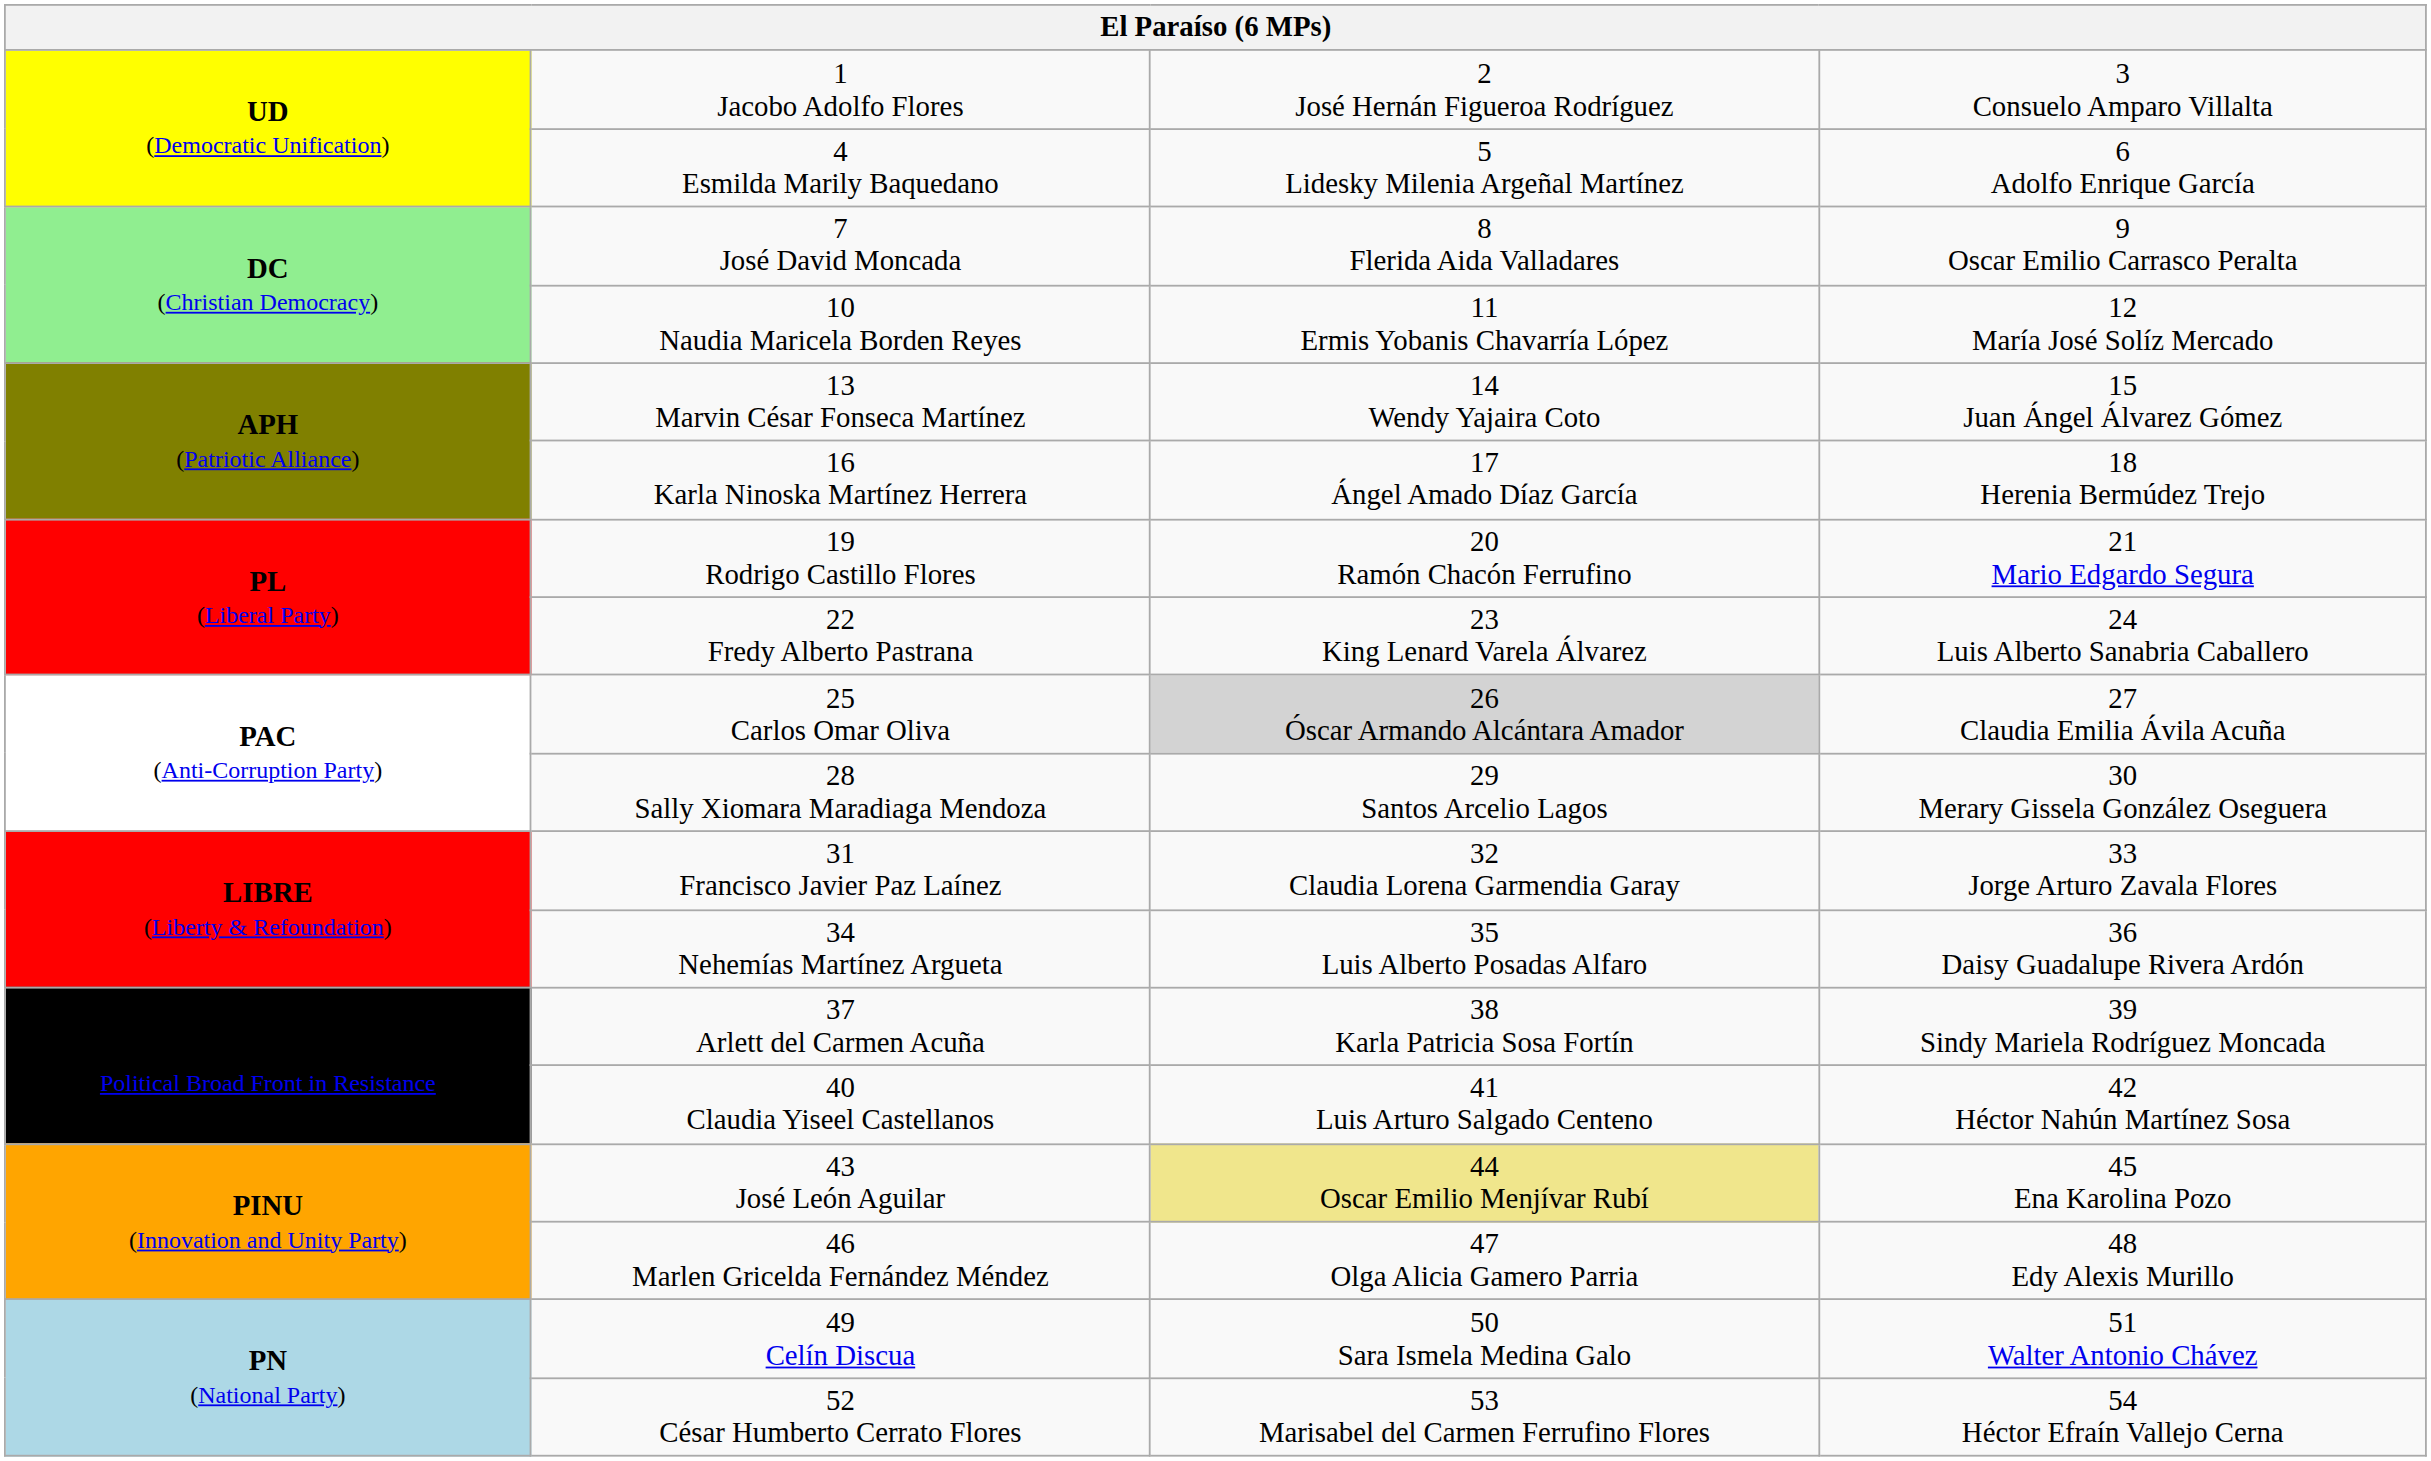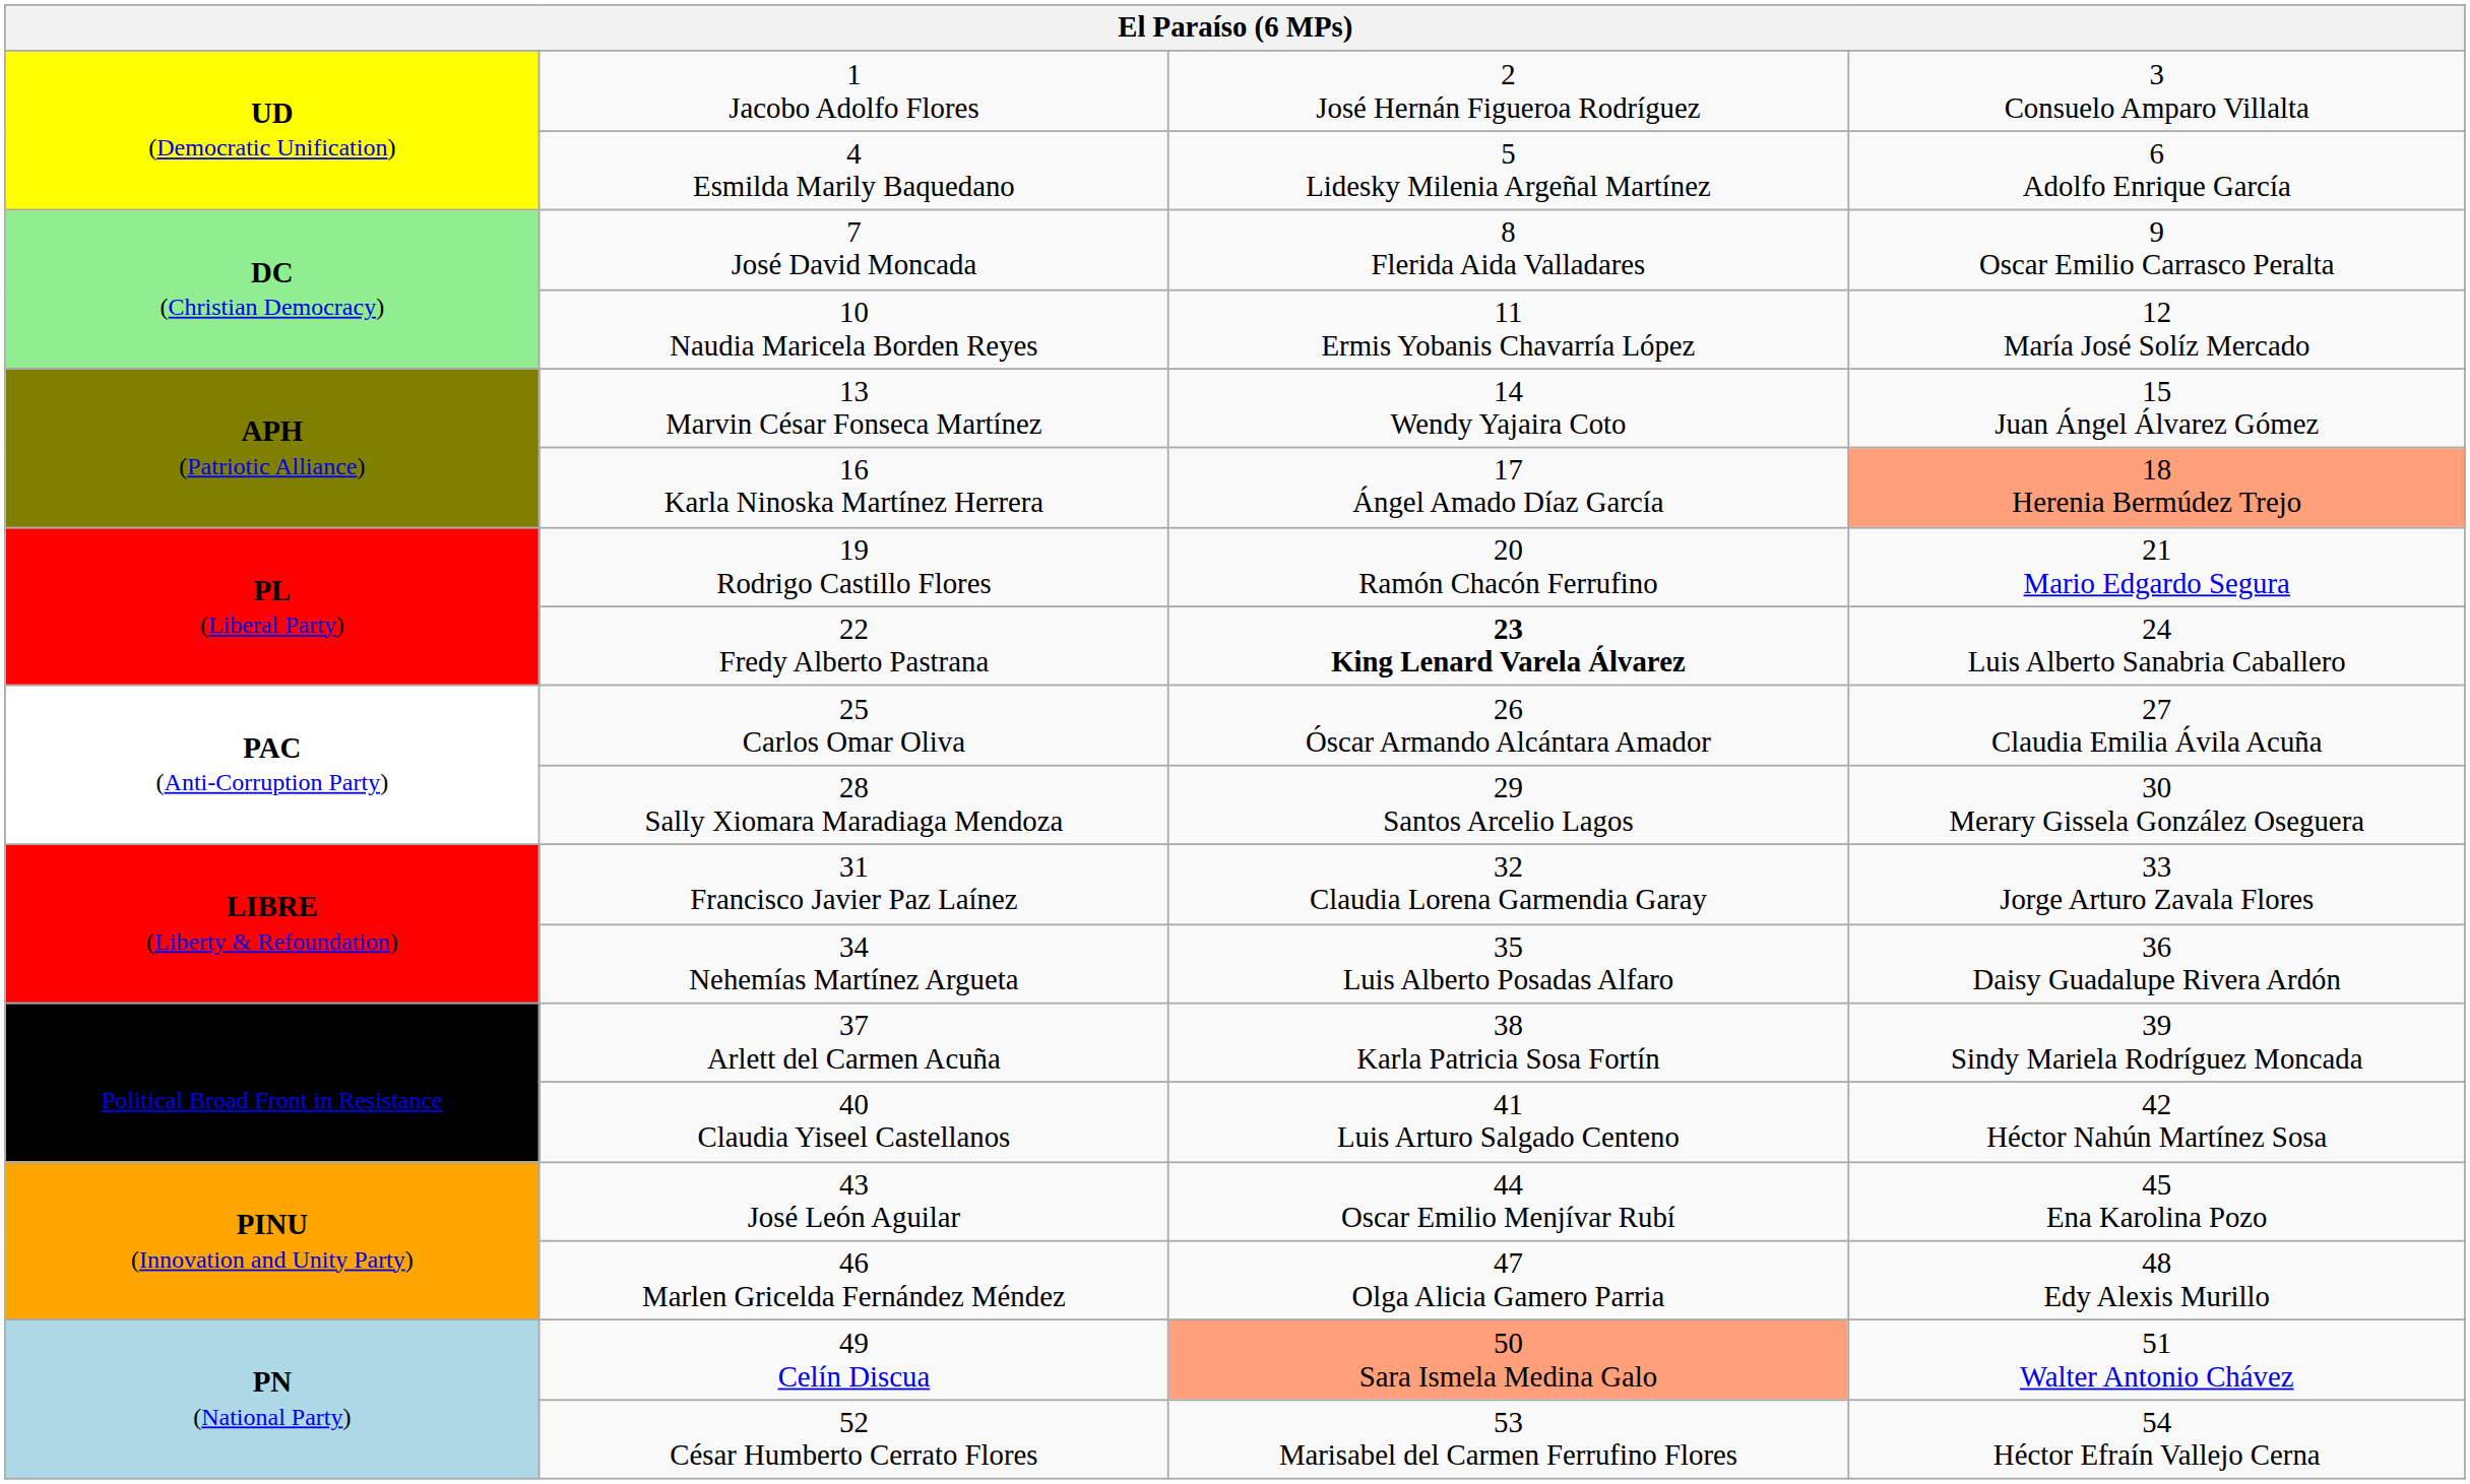 <table class="wikitable" align="center" style="width: 85%">
 <tr>
 <th colspan=24>El Paraíso (6 MPs)</th>
 </tr>
 <tr align="center">
 <td bgcolor="yellow" rowspan=2><span><span><strong>UD</strong></span></span><br><small>(<a href='#'>Democratic Unification</a>)</small></td>
 <td>1<br>Jacobo Adolfo Flores</td>
 <td>2<br>José Hernán Figueroa Rodríguez</td>
 <td>3<br>Consuelo Amparo Villalta</td>
 </tr>
 <tr align="center">
 <td>4<br>Esmilda Marily Baquedano</td>
 <td>5<br>Lidesky Milenia Argeñal Martínez</td>
 <td>6<br>Adolfo Enrique García</td>
 </tr>
 <tr align="center">
 <td bgcolor="lightgreen" rowspan=2><span><span><strong>DC</strong></span></span><br><small>(<a href='#'>Christian Democracy</a>)</small></td>
 <td>7<br>José David Moncada</td>
 <td>8<br>Flerida Aida Valladares</td>
 <td>9<br>Oscar Emilio Carrasco Peralta</td>
 </tr>
 <tr align="center">
 <td>10<br>Naudia Maricela Borden Reyes</td>
 <td>11<br>Ermis Yobanis Chavarría López</td>
 <td>12<br>María José Solíz Mercado</td>
 </tr>
 <tr align="center">
 <td bgcolor="olive" rowspan=2><span><span><strong>APH</strong></span></span><br><small>(<a href='#'>Patriotic Alliance</a>)</small></td>
 <td>13<br>Marvin César Fonseca Martínez</td>
 <td>14<br>Wendy Yajaira Coto</td>
 <td>15<br>Juan Ángel Álvarez Gómez</td>
 </tr>
 <tr align="center">
 <td>16<br>Karla Ninoska Martínez Herrera</td>
 <td>17<br>Ángel Amado Díaz García</td>
-<td>18<br>Herenia Bermúdez Trejo</td>
+<td style="background: lightsalmon;">18<br>Herenia Bermúdez Trejo</td>
 </tr>
 <tr align="center">
 <td bgcolor="red" rowspan=2><span><span><strong>PL</strong></span></span><br><small>(<a href='#'>Liberal Party</a>)</small></td>
 <td>19<br>Rodrigo Castillo Flores</td>
 <td>20<br>Ramón Chacón Ferrufino</td>
 <td>21<br><a href='#'>Mario Edgardo Segura</a></td>
 </tr>
 <tr align="center">
 <td>22<br>Fredy Alberto Pastrana</td>
-<td>23<br>King Lenard Varela Álvarez</td>
+<td><strong>23<br>King Lenard Varela Álvarez</strong></td>
 <td>24<br>Luis Alberto Sanabria Caballero</td>
 </tr>
 <tr align="center">
 <td bgcolor="white" rowspan=2><span><span><strong>PAC</strong></span></span><br><small>(<a href='#'>Anti-Corruption Party</a>)</small></td>
 <td>25<br>Carlos Omar Oliva</td>
-<td style="background: lightgrey;">26<br>Óscar Armando Alcántara Amador</td>
+<td>26<br>Óscar Armando Alcántara Amador</td>
 <td>27<br>Claudia Emilia Ávila Acuña</td>
 </tr>
 <tr align="center">
 <td>28<br>Sally Xiomara Maradiaga Mendoza</td>
 <td>29<br>Santos Arcelio Lagos</td>
 <td>30<br>Merary Gissela González Oseguera</td>
 </tr>
 <tr align="center">
 <td bgcolor="red" rowspan=2><span><span><strong>LIBRE</strong></span></span><br><small>(<a href='#'>Liberty & Refoundation</a>)</small></td>
 <td>31<br>Francisco Javier Paz Laínez</td>
 <td>32<br>Claudia Lorena Garmendia Garay</td>
 <td>33<br>Jorge Arturo Zavala Flores</td>
 </tr>
 <tr align="center">
 <td>34<br>Nehemías Martínez Argueta</td>
 <td>35<br>Luis Alberto Posadas Alfaro</td>
 <td>36<br>Daisy Guadalupe Rivera Ardón</td>
 </tr>
 <tr align="center">
 <td bgcolor="black" rowspan=2><span><span><strong>FAPER</strong></span></span><br><small>(<a href='#'>Political Broad Front in Resistance</a>)</small></td>
 <td>37<br>Arlett del Carmen Acuña</td>
 <td>38<br>Karla Patricia Sosa Fortín</td>
 <td>39<br>Sindy Mariela Rodríguez Moncada</td>
 </tr>
 <tr align="center">
 <td>40<br>Claudia Yiseel Castellanos</td>
 <td>41<br>Luis Arturo Salgado Centeno</td>
 <td>42<br>Héctor Nahún Martínez Sosa</td>
 </tr>
 <tr align="center">
 <td bgcolor="orange" rowspan=2><span><span><strong>PINU</strong></span></span><br><small>(<a href='#'>Innovation and Unity Party</a>)</small></td>
 <td>43<br>José León Aguilar</td>
-<td style="background: khaki;">44<br>Oscar Emilio Menjívar Rubí</td>
+<td>44<br>Oscar Emilio Menjívar Rubí</td>
 <td>45<br>Ena Karolina Pozo</td>
 </tr>
 <tr align="center">
 <td>46<br>Marlen Gricelda Fernández Méndez</td>
 <td>47<br>Olga Alicia Gamero Parria</td>
 <td>48<br>Edy Alexis Murillo</td>
 </tr>
 <tr align="center">
 <td bgcolor="lightblue" rowspan=2><span><span><strong>PN</strong></span></span><br><small>(<a href='#'>National Party</a>)</small></td>
 <td>49<br><a href='#'>Celín Discua</a></td>
-<td>50<br>Sara Ismela Medina Galo</td>
+<td style="background: lightsalmon;">50<br>Sara Ismela Medina Galo</td>
 <td>51<br><a href='#'>Walter Antonio Chávez</a></td>
 </tr>
 <tr align="center">
 <td>52<br>César Humberto Cerrato Flores</td>
 <td>53<br>Marisabel del Carmen Ferrufino Flores</td>
 <td>54<br>Héctor Efraín Vallejo Cerna</td>
 </tr>
 </table>
